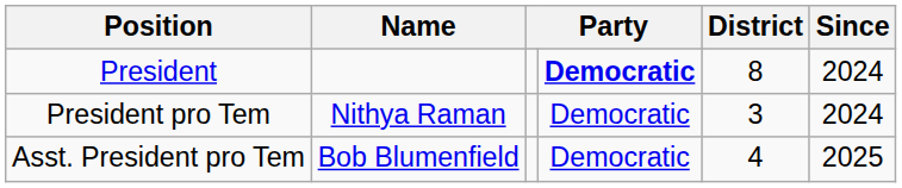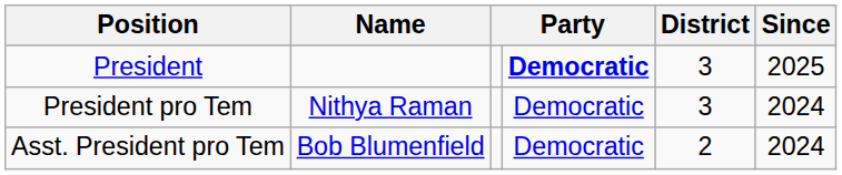 <table class="wikitable plainrowheaders" style="text-align:center;font-size:100%">
 <tr>
 <th scope="col">Position</th>
 <th scope="col">Name</th>
 <th colspan="2" scope="col">Party</th>
 <th scope="col">District</th>
 <th scope="col">Since</th>
 </tr>
 <tr>
 <td><a href='#'>President</a></td>
 <td></td>
 <td style="background-color:"></td>
 <td><strong><a href='#'>Democratic</a></strong></td>
-<td>8</td>
-<td>2024</td>
+<td>3</td>
+<td>2025</td>
 </tr>
 <tr>
 <td>President pro Tem</td>
 <td><a href='#'>Nithya Raman</a></td>
 <td style="background-color:"></td>
 <td><a href='#'>Democratic</a></td>
 <td>3</td>
 <td>2024</td>
 </tr>
 <tr>
 <td>Asst. President pro Tem</td>
 <td><a href='#'>Bob Blumenfield</a></td>
 <td style="background-color:"></td>
 <td><a href='#'>Democratic</a></td>
-<td>4</td>
-<td>2025</td>
+<td>2</td>
+<td>2024</td>
 </tr>
 </table>
